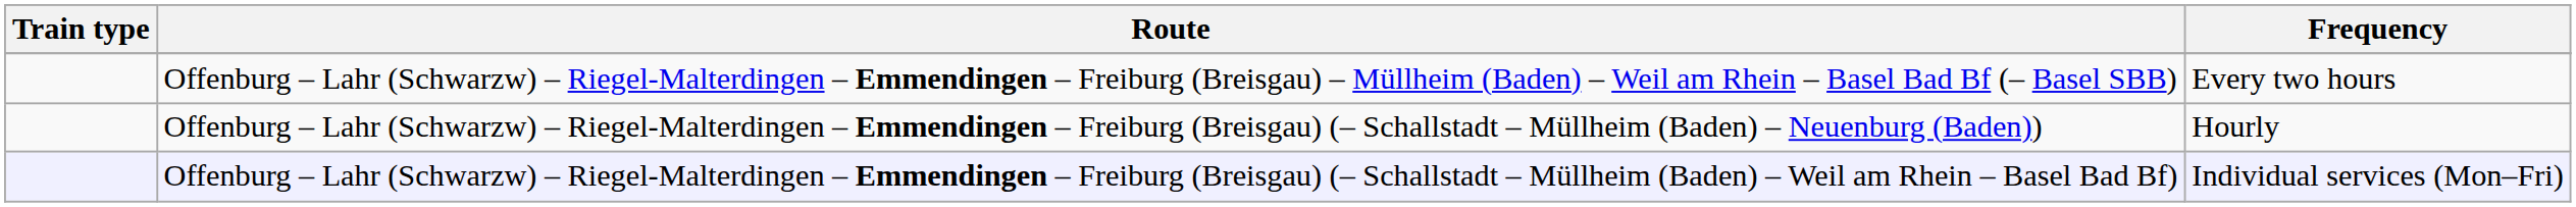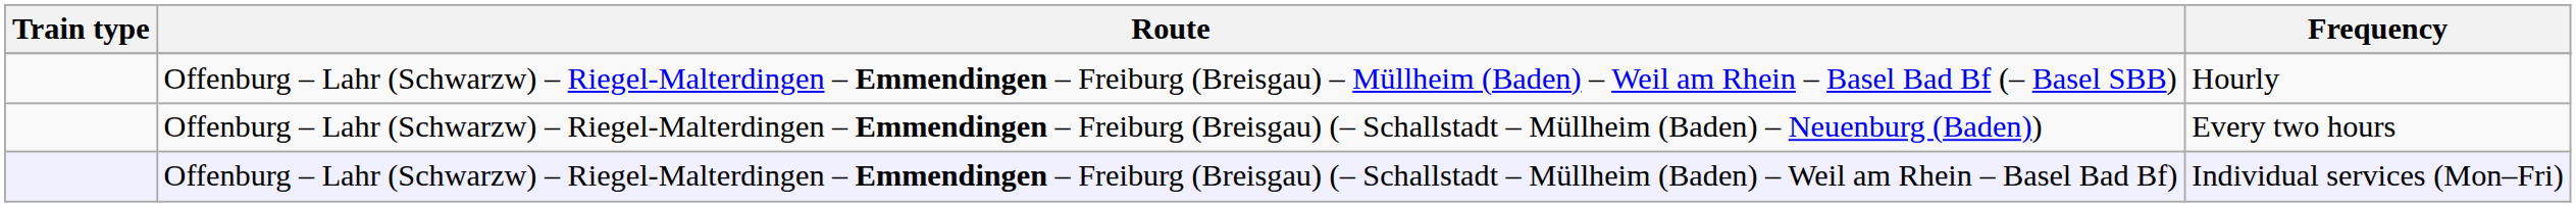 <table class="wikitable">
 <tr class="hintergrundfarbe6">
 <th>Train type</th>
 <th>Route</th>
 <th>Frequency</th>
 </tr>
 <tr>
 </tr>
 <tr>
 <td align="center"></td>
 <td>Offenburg – Lahr (Schwarzw) – <a href='#'>Riegel-Malterdingen</a> – <strong>Emmendingen</strong> – Freiburg (Breisgau) – <a href='#'>Müllheim (Baden)</a> – <a href='#'>Weil am Rhein</a> – <a href='#'>Basel Bad Bf</a> (– <a href='#'>Basel SBB</a>)</td>
-<td>Every two hours</td>
+<td>Hourly</td>
 </tr>
 <tr>
 <td align="center"></td>
 <td>Offenburg – Lahr (Schwarzw) – Riegel-Malterdingen – <strong>Emmendingen</strong> – Freiburg (Breisgau) (– Schallstadt – Müllheim (Baden) – <a href='#'>Neuenburg (Baden)</a>)</td>
-<td>Hourly</td>
+<td>Every two hours</td>
 </tr>
 <tr bgcolor="#f0f0ff">
 <td align="center"></td>
 <td>Offenburg – Lahr (Schwarzw) – Riegel-Malterdingen – <strong>Emmendingen</strong> – Freiburg (Breisgau) (– Schallstadt – Müllheim (Baden) – Weil am Rhein – Basel Bad Bf)</td>
 <td>Individual services (Mon–Fri)</td>
 </tr>
 </table>
